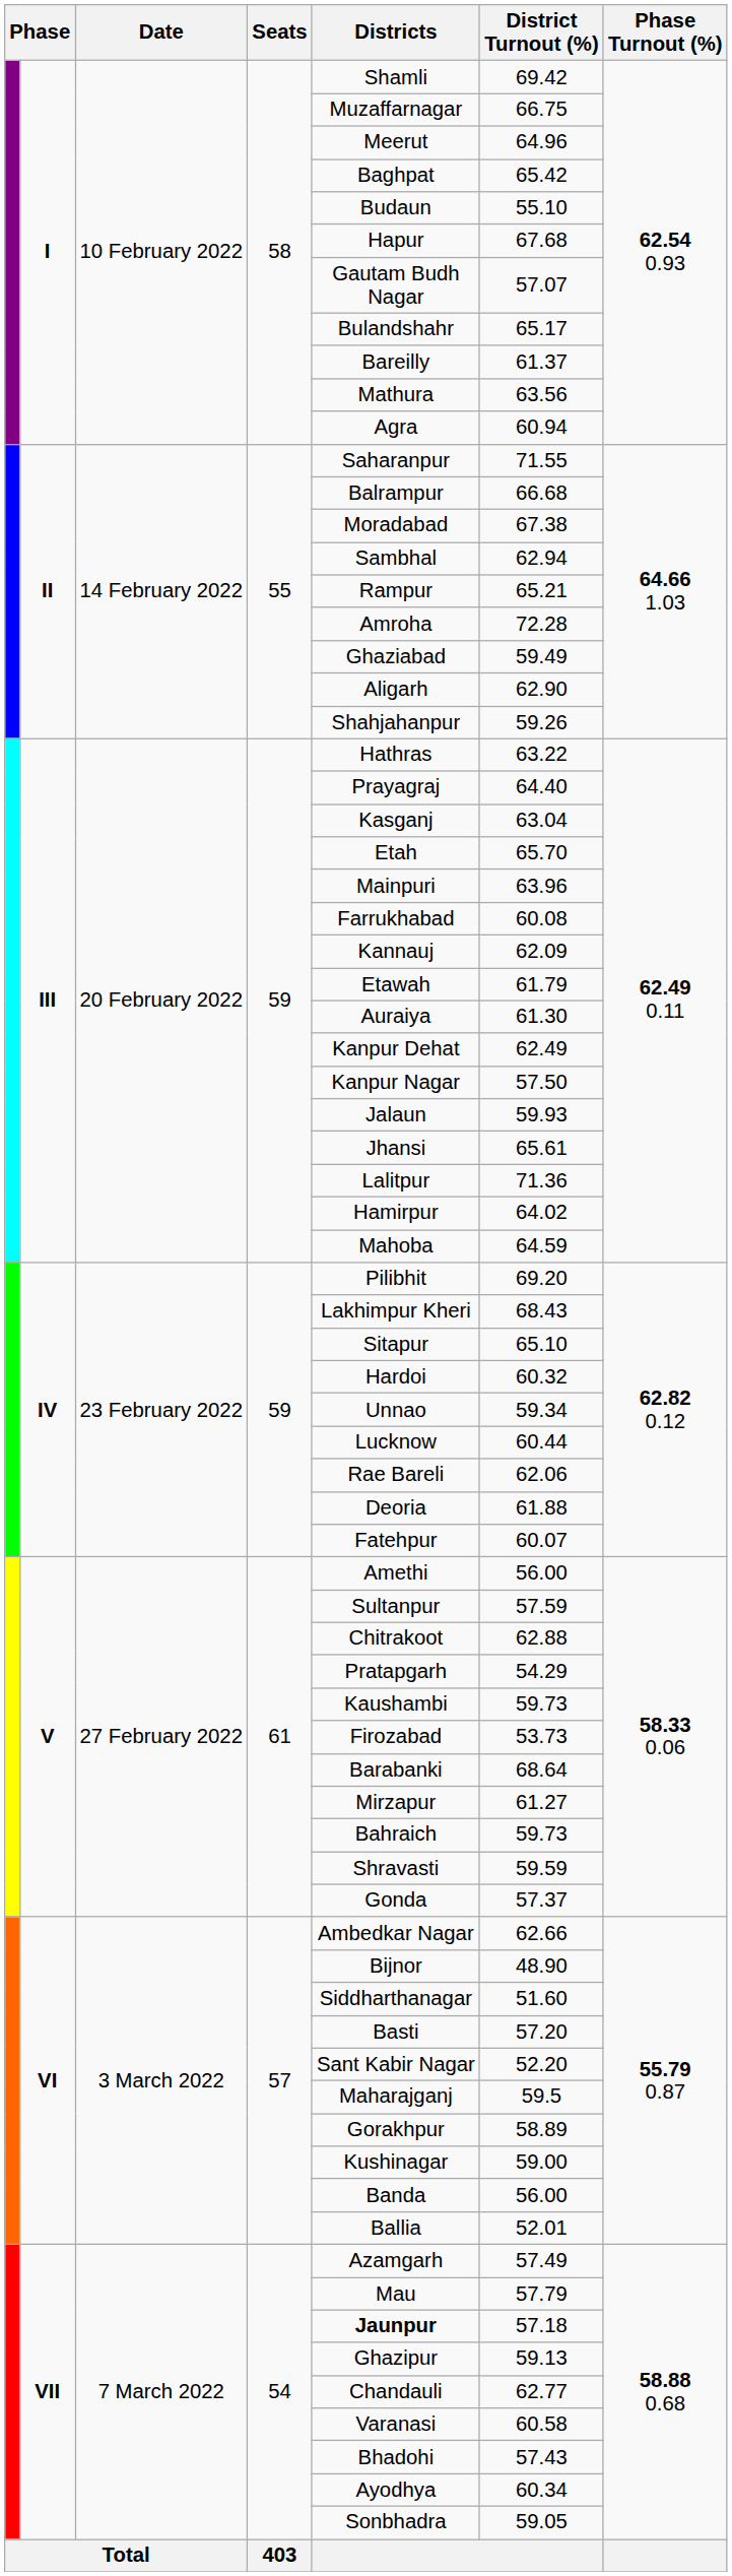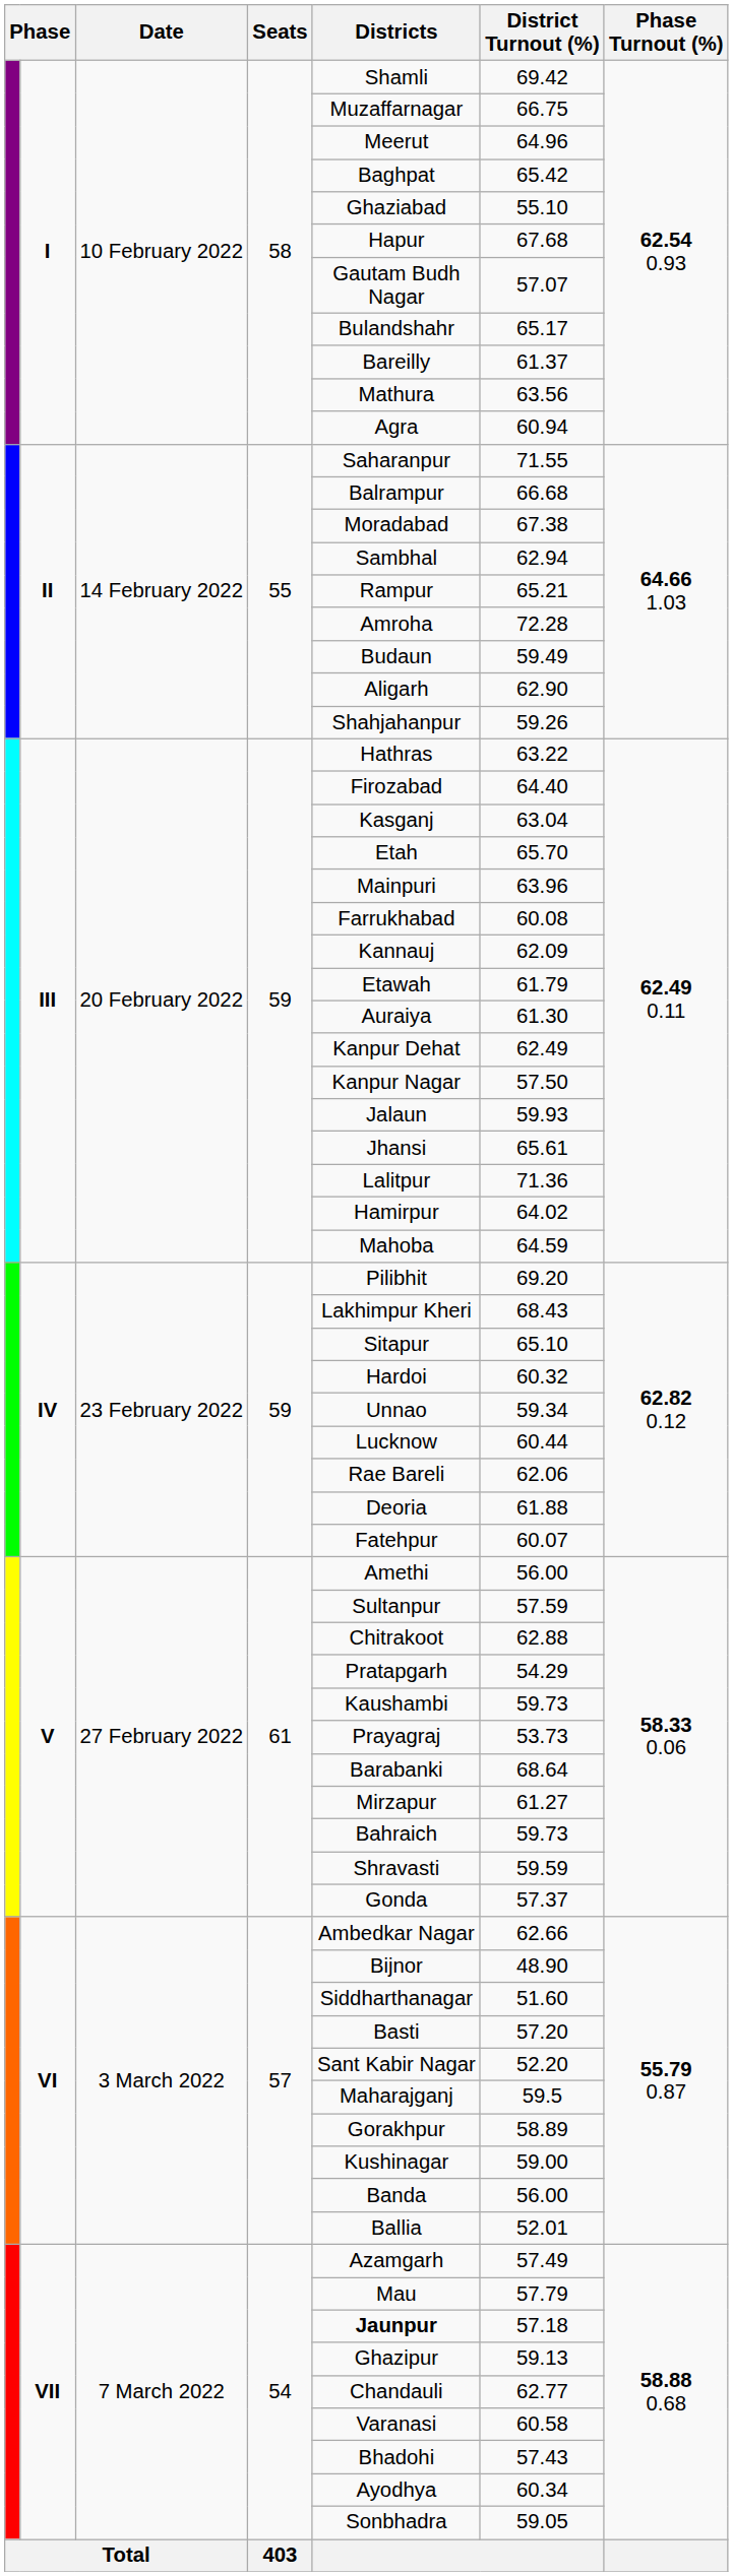 <table class="wikitable sortable" style="text-align:center">
 <tr>
 <th colspan="2">Phase</th>
 <th>Date</th>
 <th>Seats</th>
 <th>Districts</th>
 <th>District <br>Turnout (%)</th>
 <th>Phase <br>Turnout (%)</th>
 </tr>
 <tr>
 <td rowspan="11" style="background:#810081;"></td>
 <td rowspan="11"><strong>I</strong></td>
 <td rowspan="11">10 February 2022</td>
 <td rowspan="11">58</td>
 <td>Shamli</td>
 <td>69.42</td>
 <td rowspan="11"><strong>62.54</strong><br>0.93</td>
 </tr>
 <tr>
 <td>Muzaffarnagar</td>
 <td>66.75</td>
 </tr>
 <tr>
 <td>Meerut</td>
 <td>64.96</td>
 </tr>
 <tr>
 <td>Baghpat</td>
 <td>65.42</td>
 </tr>
 <tr>
-<td>Budaun</td>
+<td>Ghaziabad</td>
 <td>55.10</td>
 </tr>
 <tr>
 <td>Hapur</td>
 <td>67.68</td>
 </tr>
 <tr>
 <td>Gautam Budh <br>Nagar</td>
 <td>57.07</td>
 </tr>
 <tr>
 <td>Bulandshahr</td>
 <td>65.17</td>
 </tr>
 <tr>
 <td>Bareilly</td>
 <td>61.37</td>
 </tr>
 <tr>
 <td>Mathura</td>
 <td>63.56</td>
 </tr>
 <tr>
 <td>Agra</td>
 <td>60.94</td>
 </tr>
 <tr>
 <td rowspan="9" style="background:#0000fe;"></td>
 <td rowspan="9"><strong>II</strong></td>
 <td rowspan="9">14 February 2022</td>
 <td rowspan="9">55</td>
 <td>Saharanpur</td>
 <td>71.55</td>
 <td rowspan="9"><strong>64.66</strong><br>1.03</td>
 </tr>
 <tr>
 <td>Balrampur</td>
 <td>66.68</td>
 </tr>
 <tr>
 <td>Moradabad</td>
 <td>67.38</td>
 </tr>
 <tr>
 <td>Sambhal</td>
 <td>62.94</td>
 </tr>
 <tr>
 <td>Rampur</td>
 <td>65.21</td>
 </tr>
 <tr>
 <td>Amroha</td>
 <td>72.28</td>
 </tr>
 <tr>
-<td>Ghaziabad</td>
+<td>Budaun</td>
 <td>59.49</td>
 </tr>
 <tr>
 <td>Aligarh</td>
 <td>62.90</td>
 </tr>
 <tr>
 <td>Shahjahanpur</td>
 <td>59.26</td>
 </tr>
 <tr>
 <td rowspan="16" style="background:#0ff;"></td>
 <td rowspan="16"><strong>III</strong></td>
 <td rowspan="16">20 February 2022</td>
 <td rowspan="16">59</td>
 <td>Hathras</td>
 <td>63.22</td>
 <td rowspan="16"><strong>62.49</strong><br>0.11</td>
 </tr>
 <tr>
-<td>Prayagraj</td>
+<td>Firozabad</td>
 <td>64.40</td>
 </tr>
 <tr>
 <td>Kasganj</td>
 <td>63.04</td>
 </tr>
 <tr>
 <td>Etah</td>
 <td>65.70</td>
 </tr>
 <tr>
 <td>Mainpuri</td>
 <td>63.96</td>
 </tr>
 <tr>
 <td>Farrukhabad</td>
 <td>60.08</td>
 </tr>
 <tr>
 <td>Kannauj</td>
 <td>62.09</td>
 </tr>
 <tr>
 <td>Etawah</td>
 <td>61.79</td>
 </tr>
 <tr>
 <td>Auraiya</td>
 <td>61.30</td>
 </tr>
 <tr>
 <td>Kanpur Dehat</td>
 <td>62.49</td>
 </tr>
 <tr>
 <td>Kanpur Nagar</td>
 <td>57.50</td>
 </tr>
 <tr>
 <td>Jalaun</td>
 <td>59.93</td>
 </tr>
 <tr>
 <td>Jhansi</td>
 <td>65.61</td>
 </tr>
 <tr>
 <td>Lalitpur</td>
 <td>71.36</td>
 </tr>
 <tr>
 <td>Hamirpur</td>
 <td>64.02</td>
 </tr>
 <tr>
 <td>Mahoba</td>
 <td>64.59</td>
 </tr>
 <tr>
 <td rowspan="9" style="background:#00ff01;"></td>
 <td rowspan="9"><strong>IV</strong></td>
 <td rowspan="9">23 February 2022</td>
 <td rowspan="9">59</td>
 <td>Pilibhit</td>
 <td>69.20</td>
 <td rowspan="9"><strong>62.82</strong><br>0.12</td>
 </tr>
 <tr>
 <td>Lakhimpur Kheri</td>
 <td>68.43</td>
 </tr>
 <tr>
 <td>Sitapur</td>
 <td>65.10</td>
 </tr>
 <tr>
 <td>Hardoi</td>
 <td>60.32</td>
 </tr>
 <tr>
 <td>Unnao</td>
 <td>59.34</td>
 </tr>
 <tr>
 <td>Lucknow</td>
 <td>60.44</td>
 </tr>
 <tr>
 <td>Rae Bareli</td>
 <td>62.06</td>
 </tr>
 <tr>
 <td>Deoria</td>
 <td>61.88</td>
 </tr>
 <tr>
 <td>Fatehpur</td>
 <td>60.07</td>
 </tr>
 <tr>
 <td rowspan="11" style="background:#ff0;"></td>
 <td rowspan="11"><strong>V</strong></td>
 <td rowspan="11">27 February 2022</td>
 <td rowspan="11">61</td>
 <td>Amethi</td>
 <td>56.00</td>
 <td rowspan="11"><strong>58.33</strong><br>0.06</td>
 </tr>
 <tr>
 <td>Sultanpur</td>
 <td>57.59</td>
 </tr>
 <tr>
 <td>Chitrakoot</td>
 <td>62.88</td>
 </tr>
 <tr>
 <td>Pratapgarh</td>
 <td>54.29</td>
 </tr>
 <tr>
 <td>Kaushambi</td>
 <td>59.73</td>
 </tr>
 <tr>
-<td>Firozabad</td>
+<td>Prayagraj</td>
 <td>53.73</td>
 </tr>
 <tr>
 <td>Barabanki</td>
 <td>68.64</td>
 </tr>
 <tr>
 <td>Mirzapur</td>
 <td>61.27</td>
 </tr>
 <tr>
 <td>Bahraich</td>
 <td>59.73</td>
 </tr>
 <tr>
 <td>Shravasti</td>
 <td>59.59</td>
 </tr>
 <tr>
 <td>Gonda</td>
 <td>57.37</td>
 </tr>
 <tr>
 <td rowspan="10" style="background:#f60;"></td>
 <td rowspan="10"><strong>VI</strong></td>
 <td rowspan="10">3 March 2022</td>
 <td rowspan="10">57</td>
 <td>Ambedkar Nagar</td>
 <td>62.66</td>
 <td rowspan="10"><strong>55.79</strong><br>0.87</td>
 </tr>
 <tr>
 <td>Bijnor</td>
 <td>48.90</td>
 </tr>
 <tr>
 <td>Siddharthanagar</td>
 <td>51.60</td>
 </tr>
 <tr>
 <td>Basti</td>
 <td>57.20</td>
 </tr>
 <tr>
 <td>Sant Kabir Nagar</td>
 <td>52.20</td>
 </tr>
 <tr>
 <td>Maharajganj</td>
 <td>59.5</td>
 </tr>
 <tr>
 <td>Gorakhpur</td>
 <td>58.89</td>
 </tr>
 <tr>
 <td>Kushinagar</td>
 <td>59.00</td>
 </tr>
 <tr>
 <td>Banda</td>
 <td>56.00</td>
 </tr>
 <tr>
 <td>Ballia</td>
 <td>52.01</td>
 </tr>
 <tr>
 <td rowspan="9" style="background:#fe0000;"></td>
 <td rowspan="9"><strong>VII</strong></td>
 <td rowspan="9">7 March 2022</td>
 <td rowspan="9">54</td>
 <td>Azamgarh</td>
 <td>57.49</td>
 <td rowspan="9"><strong>58.88</strong><br>0.68</td>
 </tr>
 <tr>
 <td>Mau</td>
 <td>57.79</td>
 </tr>
 <tr>
 <td><strong>Jaunpur</strong></td>
 <td>57.18</td>
 </tr>
 <tr>
 <td>Ghazipur</td>
 <td>59.13</td>
 </tr>
 <tr>
 <td>Chandauli</td>
 <td>62.77</td>
 </tr>
 <tr>
 <td>Varanasi</td>
 <td>60.58</td>
 </tr>
 <tr>
 <td>Bhadohi</td>
 <td>57.43</td>
 </tr>
 <tr>
 <td>Ayodhya</td>
 <td>60.34</td>
 </tr>
 <tr>
 <td>Sonbhadra</td>
 <td>59.05</td>
 </tr>
 <tr>
 <th colspan="3">Total</th>
 <th>403</th>
 <th colspan="2"></th>
 <th></th>
 </tr>
 </table>
